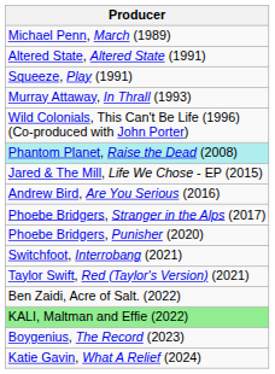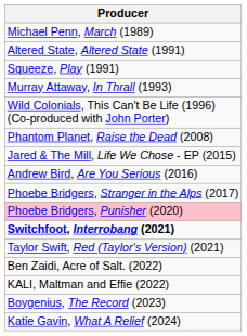 <table class="wikitable">
 <tr>
 <th>Producer</th>
 </tr>
 <tr>
 <td><a href='#'>Michael Penn</a>, <a href='#'><em>March</em></a> (1989)</td>
 </tr>
 <tr>
 <td><a href='#'>Altered State</a>, <a href='#'><em>Altered State</em></a> (1991)</td>
 </tr>
 <tr>
 <td><a href='#'>Squeeze</a>, <a href='#'><em>Play</em></a> (1991)</td>
 </tr>
 <tr>
 <td><a href='#'>Murray Attaway</a>, <a href='#'><em>In Thrall</em></a> (1993)</td>
 </tr>
 <tr>
 <td><a href='#'>Wild Colonials</a>, This Can't Be Life (1996)<br>(Co-produced with <a href='#'>John Porter</a>)</td>
 </tr>
 <tr>
-<td style="background: paleturquoise;"><a href='#'>Phantom Planet</a>, <em><a href='#'>Raise the Dead</a></em> (2008)</td>
+<td><a href='#'>Phantom Planet</a>, <em><a href='#'>Raise the Dead</a></em> (2008)</td>
 </tr>
 <tr>
 <td><a href='#'>Jared & The Mill</a>, <em>Life We Chose</em> - EP (2015)</td>
 </tr>
 <tr>
 <td><a href='#'>Andrew Bird</a>, <a href='#'><em>Are You Serious</em></a> (2016)</td>
 </tr>
 <tr>
 <td><a href='#'>Phoebe Bridgers</a>, <em><a href='#'>Stranger in the Alps</a></em> (2017)</td>
 </tr>
 <tr>
-<td><a href='#'>Phoebe Bridgers</a>, <em><a href='#'>Punisher</a></em> (2020)</td>
+<td style="background: pink;"><a href='#'>Phoebe Bridgers</a>, <em><a href='#'>Punisher</a></em> (2020)</td>
 </tr>
 <tr>
-<td><a href='#'>Switchfoot</a>, <em><a href='#'>Interrobang</a></em> (2021)</td>
+<td><strong><a href='#'>Switchfoot</a>, <em><a href='#'>Interrobang</a></em> (2021)</strong></td>
 </tr>
 <tr>
 <td><a href='#'>Taylor Swift</a>, <em><a href='#'>Red (Taylor's Version)</a></em> (2021)</td>
 </tr>
 <tr>
 <td>Ben Zaidi, Acre of Salt. (2022)</td>
 </tr>
 <tr>
-<td style="background: lightgreen;">KALI, Maltman and Effie (2022)</td>
+<td>KALI, Maltman and Effie (2022)</td>
 </tr>
 <tr>
 <td><a href='#'>Boygenius</a>, <em><a href='#'>The Record</a></em> (2023)</td>
 </tr>
 <tr>
 <td><a href='#'>Katie Gavin</a>, <em><a href='#'>What A Relief</a></em> (2024)</td>
 </tr>
 </table>
